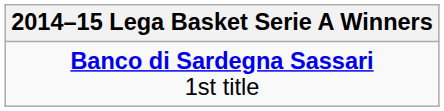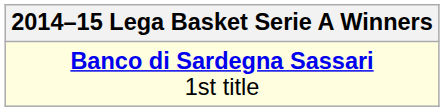 <table class=wikitable style="text-align:center; margin:auto">
 <tr>
 <th>2014–15 Lega Basket Serie A Winners</th>
 </tr>
 <tr>
-<td><strong><a href='#'>Banco di Sardegna Sassari</a></strong><br>1st title</td>
+<td style="background: lightyellow;"><strong><a href='#'>Banco di Sardegna Sassari</a></strong><br>1st title</td>
 </tr>
 </table>
